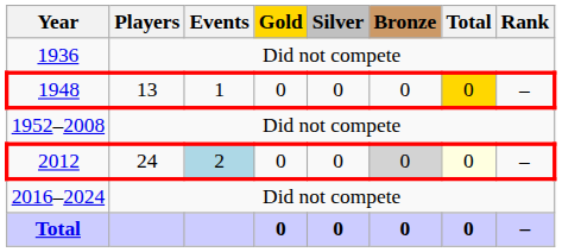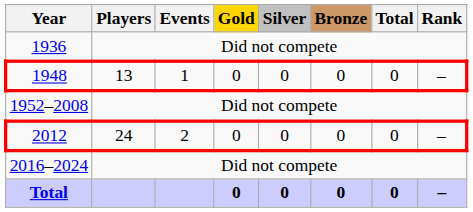 <table class="wikitable sortable collapsible collapsed">
 <tr>
 <th>Year</th>
 <th>Players</th>
 <th>Events</th>
 <th style="text-align:center; background-color:gold;"><strong>Gold</strong></th>
 <th style="text-align:center; background-color:silver;"><strong>Silver</strong></th>
 <th style="text-align:center; background-color:#c96;"><strong>Bronze</strong></th>
 <th>Total</th>
 <th>Rank</th>
 </tr>
 <tr style="text-align:center">
 <td><a href='#'>1936</a></td>
 <td colspan="7">Did not compete</td>
 </tr>
 <tr style="text-align:center;border: 3px solid red">
 <td><a href='#'>1948</a></td>
 <td>13</td>
 <td>1</td>
 <td>0</td>
 <td>0</td>
 <td>0</td>
-<td style="background: gold;">0</td>
+<td>0</td>
 <td>–</td>
 </tr>
 <tr style="text-align:center">
 <td><a href='#'>1952</a>–<a href='#'>2008</a></td>
 <td colspan="7">Did not compete</td>
 </tr>
 <tr style="text-align:center;border: 3px solid red">
 <td><a href='#'>2012</a></td>
 <td>24</td>
-<td style="background: lightblue;">2</td>
+<td>2</td>
 <td>0</td>
 <td>0</td>
-<td style="background: lightgrey;">0</td>
-<td style="background: lightyellow;">0</td>
+<td>0</td>
+<td>0</td>
 <td>–</td>
 </tr>
 <tr style="text-align:center">
 <td><a href='#'>2016</a>–<a href='#'>2024</a></td>
 <td colspan="7">Did not compete</td>
 </tr>
 <tr style="text-align:center; background-color:#ccf;">
 <td><strong><a href='#'>Total</a></strong></td>
 <td></td>
 <td></td>
 <td><strong>0</strong></td>
 <td><strong>0</strong></td>
 <td><strong>0</strong></td>
 <td><strong>0</strong></td>
 <td><strong>–</strong></td>
 </tr>
 </table>
